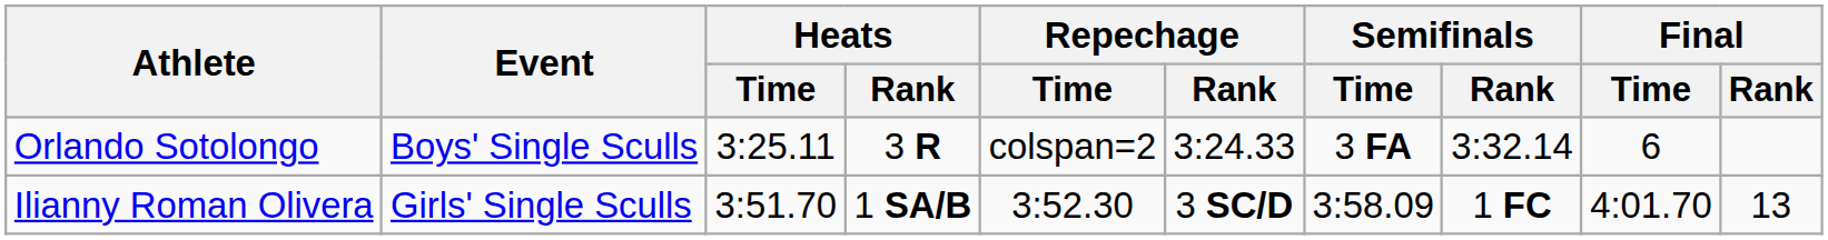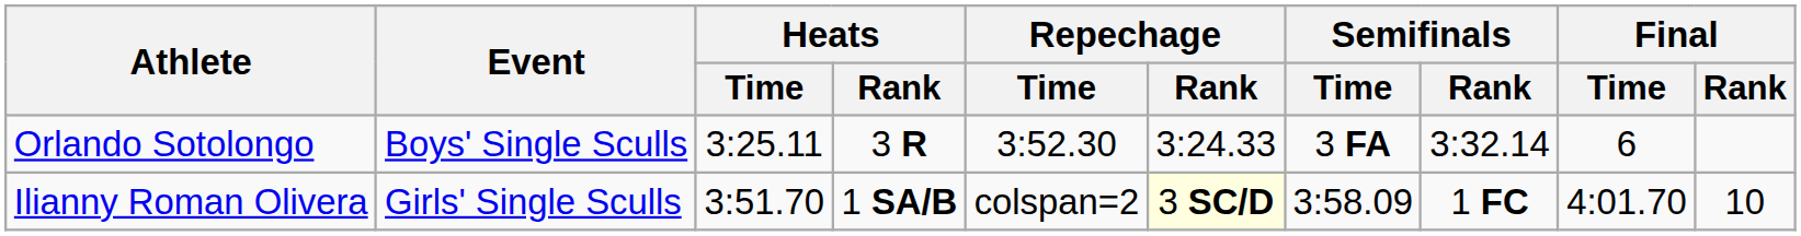 <table class="wikitable" style="font-size:90%">
 <tr>
 <th rowspan="2">Athlete</th>
 <th rowspan="2">Event</th>
 <th colspan="2">Heats</th>
 <th colspan="2">Repechage</th>
 <th colspan="2">Semifinals</th>
 <th colspan="2">Final</th>
 </tr>
 <tr style="font-size:95%">
 <th>Time</th>
 <th>Rank</th>
 <th>Time</th>
 <th>Rank</th>
 <th>Time</th>
 <th>Rank</th>
 <th>Time</th>
 <th>Rank</th>
 </tr>
 <tr align=center>
 <td align=left><a href='#'>Orlando Sotolongo</a></td>
 <td align=left><a href='#'>Boys' Single Sculls</a></td>
 <td>3:25.11</td>
 <td>3 <strong>R</strong></td>
-<td>colspan=2 </td>
+<td>3:52.30</td>
 <td>3:24.33</td>
 <td>3 <strong>FA</strong></td>
 <td>3:32.14</td>
 <td>6</td>
 </tr>
 <tr align=center>
 <td align=left><a href='#'>Ilianny Roman Olivera</a></td>
 <td align=left><a href='#'>Girls' Single Sculls</a></td>
 <td>3:51.70</td>
 <td>1 <strong>SA/B</strong></td>
-<td>3:52.30</td>
-<td>3 <strong>SC/D</strong></td>
+<td>colspan=2 </td>
+<td style="background: lightyellow;">3 <strong>SC/D</strong></td>
 <td>3:58.09</td>
 <td>1 <strong>FC</strong></td>
 <td>4:01.70</td>
-<td>13</td>
+<td>10</td>
 </tr>
 </table>
